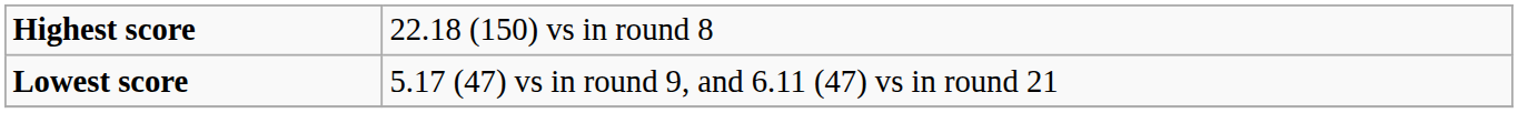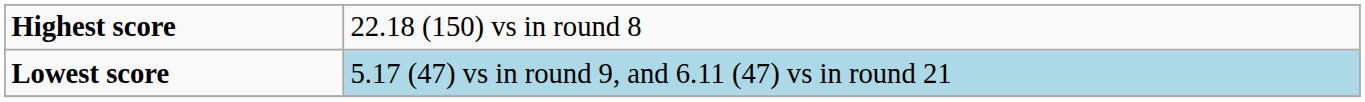 <table class="wikitable" width="60%">
 <tr>
 <td width="25%"><strong>Highest score</strong></td>
 <td>22.18 (150) vs  in round 8</td>
 </tr>
 <tr>
 <td width="25%"><strong>Lowest score</strong></td>
-<td>5.17 (47) vs  in round 9, and 6.11 (47) vs  in round 21</td>
+<td style="background: lightblue;">5.17 (47) vs  in round 9, and 6.11 (47) vs  in round 21</td>
 </tr>
 <tr>
 </tr>
 </table>
